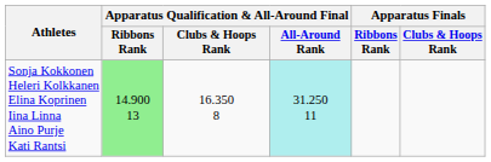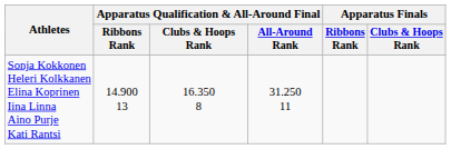 <table class="wikitable" style="font-size:90%">
 <tr>
 <th rowspan="2">Athletes</th>
 <th colspan="3">Apparatus Qualification & All-Around Final</th>
 <th colspan="2">Apparatus Finals</th>
 </tr>
 <tr style="font-size:95%">
 <th>Ribbons<br>Rank</th>
 <th>Clubs & Hoops<br>Rank</th>
 <th><a href='#'>All-Around</a><br>Rank</th>
 <th><a href='#'>Ribbons</a><br>Rank</th>
 <th><a href='#'>Clubs & Hoops</a><br>Rank</th>
 </tr>
 <tr align=center>
 <td align=left><a href='#'>Sonja Kokkonen</a><br><a href='#'>Heleri Kolkkanen</a><br><a href='#'>Elina Koprinen</a><br><a href='#'>Iina Linna</a><br><a href='#'>Aino Purje</a><br><a href='#'>Kati Rantsi</a></td>
-<td style="background: lightgreen;">14.900<br>13</td>
+<td>14.900<br>13</td>
 <td>16.350<br>8 </td>
-<td style="background: paleturquoise;">31.250<br>11</td>
+<td>31.250<br>11</td>
 <td></td>
 <td></td>
 </tr>
 </table>
